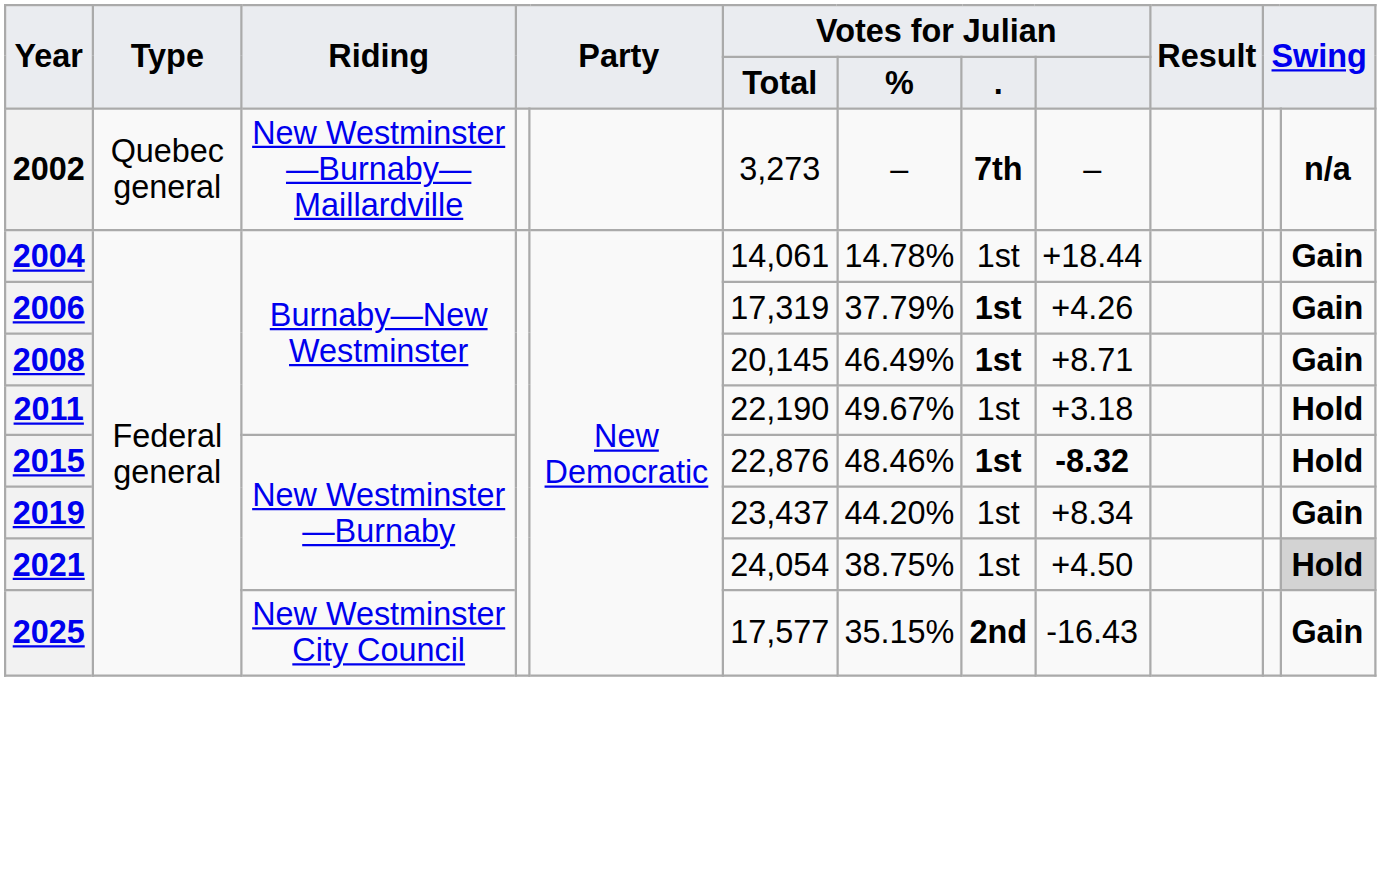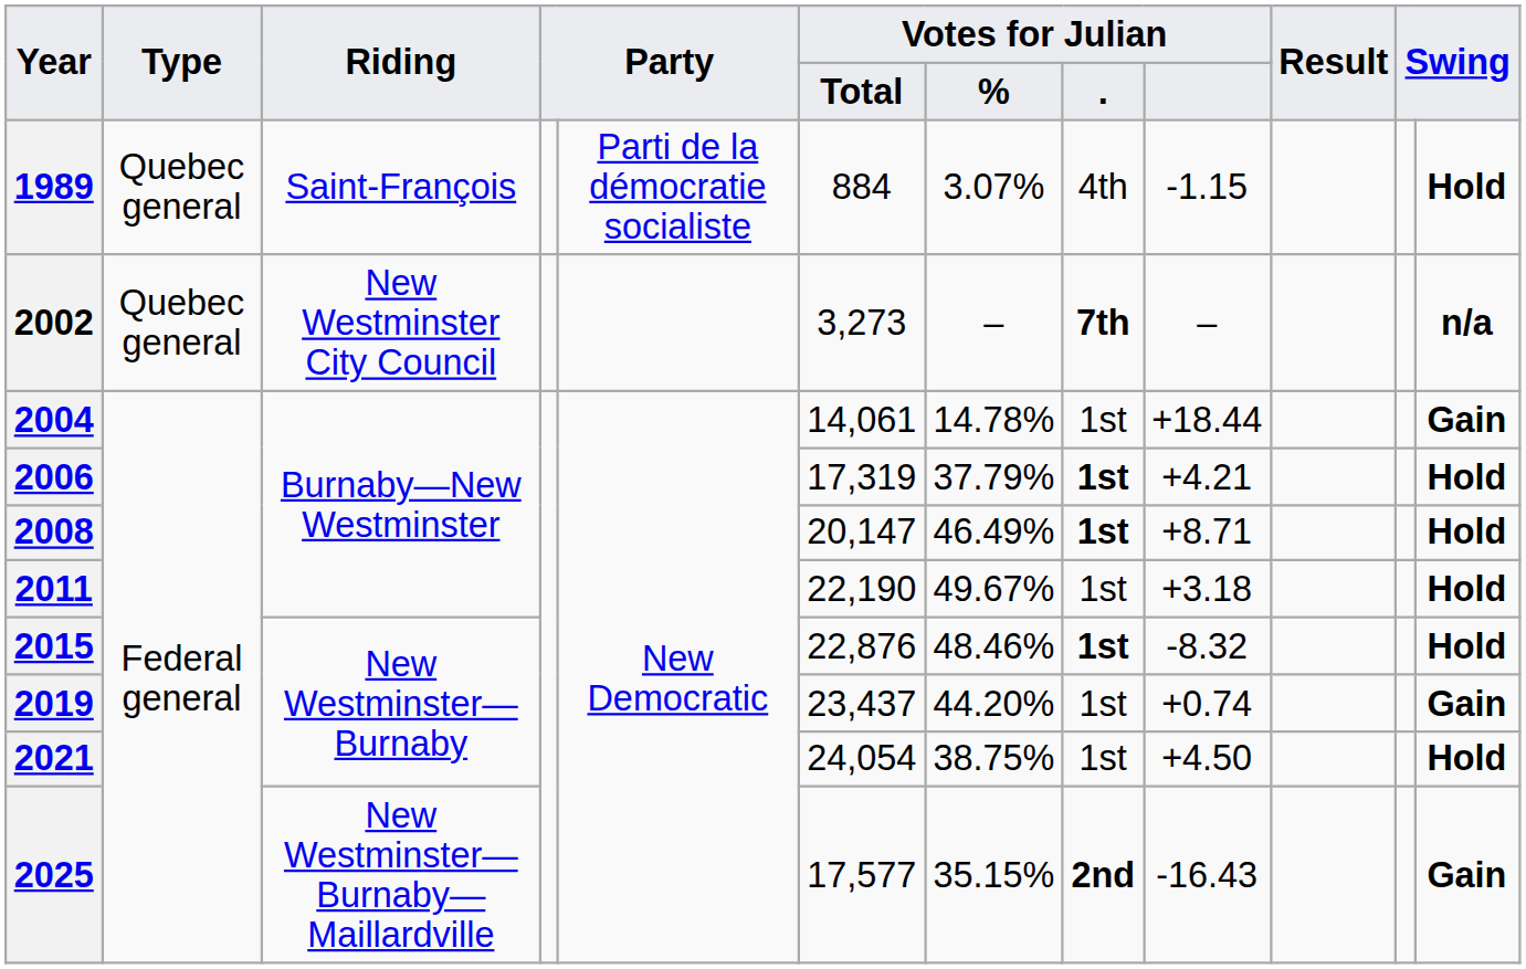 <table class="wikitable" style="font-size:90%; text-align:center;">
 <tr>
 <th rowspan="2" style="background:#eaecf0;">Year</th>
 <th rowspan="2" style="background:#eaecf0;">Type</th>
 <th rowspan="2" style="background:#eaecf0;">Riding</th>
 <th colspan="2" rowspan="2" style="background:#eaecf0;">Party</th>
 <th colspan="4" style="background:#eaecf0;">Votes for Julian</th>
 <th rowspan="2" style="background:#eaecf0;">Result</th>
 <th colspan="2" rowspan="2" style="background:#eaecf0;"><a href='#'>Swing</a></th>
 </tr>
 <tr>
 <th style="background:#eaecf0;">Total</th>
 <th style="background:#eaecf0;">%</th>
 <th style="background:#eaecf0;">.</th>
 <th style="background:#eaecf0;"></th>
 </tr>
 <tr>
+<th><a href='#'>1989</a></th>
+<td>Quebec general</td>
+<td><a href='#'>Saint-François</a></td>
+<td style="background-color:"></td>
+<td><a href='#'>Parti de la démocratie socialiste</a></td>
+<td>884</td>
+<td>3.07%</td>
+<td>4th</td>
+<td>-1.15</td>
+<td></td>
+<td style="background-color:"></td>
+<td><strong>Hold</strong></td>
+</tr>
+<tr>
 <th>2002</th>
 <td>Quebec general</td>
-<td><a href='#'>New Westminster—Burnaby—Maillardville</a></td>
+<td><a href='#'>New Westminster City Council</a></td>
 <td style="background-color:"></td>
 <td></td>
 <td>3,273</td>
 <td>–</td>
 <td><strong>7th</strong></td>
 <td>–</td>
 <td></td>
 <td style="background-color:"></td>
 <td><strong>n/a</strong></td>
 </tr>
 <tr>
 <th><a href='#'>2004</a></th>
 <td rowspan="8">Federal general</td>
 <td rowspan="4"><a href='#'>Burnaby—New Westminster</a></td>
 <td rowspan="8" style="background-color:"></td>
 <td rowspan="8"><a href='#'>New Democratic</a></td>
 <td>14,061</td>
 <td>14.78%</td>
 <td>1st</td>
 <td>+18.44</td>
 <td></td>
 <td style="background-color:"></td>
 <td><strong>Gain</strong></td>
 </tr>
 <tr>
 <th><a href='#'>2006</a></th>
 <td>17,319</td>
 <td>37.79%</td>
 <td><strong>1st</strong></td>
-<td>+4.26</td>
+<td>+4.21</td>
 <td></td>
 <td style="background-color:"></td>
-<td><strong>Gain</strong></td>
+<td><strong>Hold</strong></td>
 </tr>
 <tr>
 <th><a href='#'>2008</a></th>
-<td>20,145</td>
+<td>20,147</td>
 <td>46.49%</td>
 <td><strong>1st</strong></td>
 <td>+8.71</td>
 <td></td>
 <td style="background-color:"></td>
-<td><strong>Gain</strong></td>
+<td><strong>Hold</strong></td>
 </tr>
 <tr>
 <th><a href='#'>2011</a></th>
 <td>22,190</td>
 <td>49.67%</td>
 <td>1st</td>
 <td>+3.18</td>
 <td></td>
 <td style="background-color:"></td>
 <td><strong>Hold</strong></td>
 </tr>
 <tr>
 <th><a href='#'>2015</a></th>
 <td rowspan="3"><a href='#'>New Westminster—Burnaby</a></td>
 <td>22,876</td>
 <td>48.46%</td>
 <td><strong>1st</strong></td>
-<td><strong>-8.32</strong></td>
+<td>-8.32</td>
 <td></td>
 <td style="background-color:"></td>
 <td><strong>Hold</strong></td>
 </tr>
 <tr>
 <th><a href='#'>2019</a></th>
 <td>23,437</td>
 <td>44.20%</td>
 <td>1st</td>
-<td>+8.34</td>
+<td>+0.74</td>
 <td></td>
 <td style="background-color:"></td>
 <td><strong>Gain</strong></td>
 </tr>
 <tr>
 <th><a href='#'>2021</a></th>
 <td>24,054</td>
 <td>38.75%</td>
 <td>1st</td>
 <td>+4.50</td>
 <td></td>
 <td style="background-color:"></td>
-<td style="background: lightgrey;"><strong>Hold</strong></td>
+<td><strong>Hold</strong></td>
 </tr>
 <tr>
 <th><a href='#'>2025</a></th>
-<td><a href='#'>New Westminster City Council</a></td>
+<td><a href='#'>New Westminster—Burnaby—Maillardville</a></td>
 <td>17,577</td>
 <td>35.15%</td>
 <td><strong>2nd</strong></td>
 <td>-16.43</td>
 <td></td>
 <td style="background-color:"></td>
 <td><strong>Gain</strong></td>
 </tr>
 </table>
